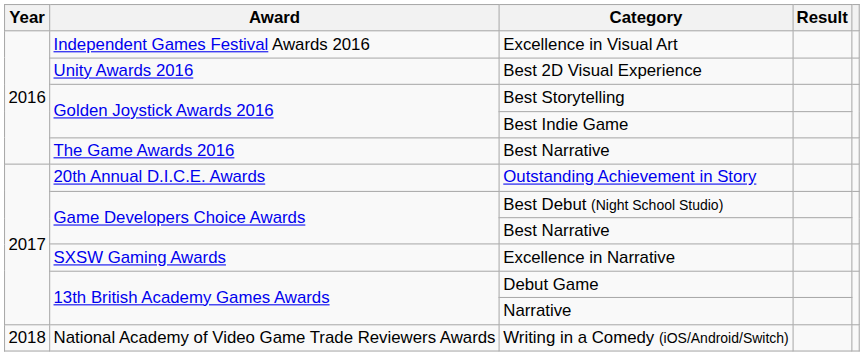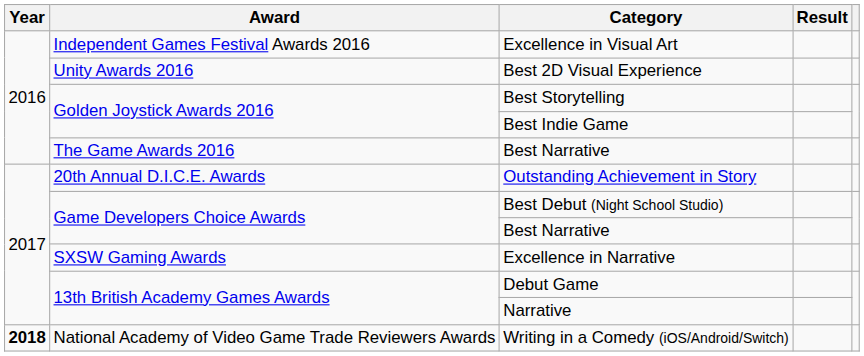 <table class="wikitable sortable">
 <tr>
 <th>Year</th>
 <th>Award</th>
 <th>Category</th>
 <th>Result</th>
 <th class="unsortable"></th>
 </tr>
 <tr>
 <td rowspan="5" style="text-align:center;">2016</td>
 <td><a href='#'>Independent Games Festival</a> Awards 2016</td>
 <td>Excellence in Visual Art</td>
 <td></td>
 <td></td>
 </tr>
 <tr>
 <td><a href='#'>Unity Awards 2016</a></td>
 <td>Best 2D Visual Experience</td>
 <td></td>
 <td></td>
 </tr>
 <tr>
 <td rowspan="2"><a href='#'>Golden Joystick Awards 2016</a></td>
 <td>Best Storytelling</td>
 <td></td>
 <td rowspan="2"></td>
 </tr>
 <tr>
 <td>Best Indie Game</td>
 <td></td>
 </tr>
 <tr>
 <td><a href='#'>The Game Awards 2016</a></td>
 <td>Best Narrative</td>
 <td></td>
 <td></td>
 </tr>
 <tr>
 <td rowspan="6" style="text-align:center;">2017</td>
 <td><a href='#'>20th Annual D.I.C.E. Awards</a></td>
 <td><a href='#'>Outstanding Achievement in Story</a></td>
 <td></td>
 <td></td>
 </tr>
 <tr>
 <td rowspan="2"><a href='#'>Game Developers Choice Awards</a></td>
 <td>Best Debut <small>(Night School Studio)</small></td>
 <td></td>
 <td rowspan="2"></td>
 </tr>
 <tr>
 <td>Best Narrative</td>
 <td></td>
 </tr>
 <tr>
 <td><a href='#'>SXSW Gaming Awards</a></td>
 <td>Excellence in Narrative</td>
 <td></td>
 <td></td>
 </tr>
 <tr>
 <td rowspan="2"><a href='#'>13th British Academy Games Awards</a></td>
 <td>Debut Game</td>
 <td></td>
 <td rowspan="2"></td>
 </tr>
 <tr>
 <td>Narrative</td>
 <td></td>
 </tr>
 <tr>
-<td style="text-align:center;">2018</td>
+<td style="text-align:center;"><strong>2018</strong></td>
 <td>National Academy of Video Game Trade Reviewers Awards</td>
 <td>Writing in a Comedy <small>(iOS/Android/Switch)</small></td>
 <td></td>
 <td></td>
 </tr>
 </table>
